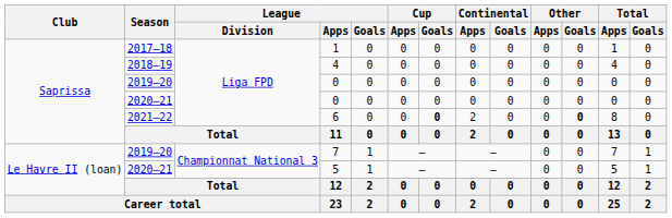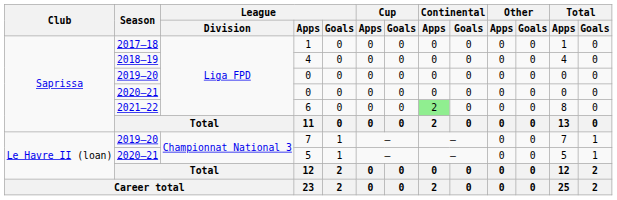 <table class="wikitable" style="text-align: center">
 <tr>
 <th rowspan="2">Club</th>
 <th rowspan="2">Season</th>
 <th colspan="3">League</th>
 <th colspan="2">Cup</th>
 <th colspan="2">Continental</th>
 <th colspan="2">Other</th>
 <th colspan="2">Total</th>
 </tr>
 <tr>
 <th>Division</th>
 <th>Apps</th>
 <th>Goals</th>
 <th>Apps</th>
 <th>Goals</th>
 <th>Apps</th>
 <th>Goals</th>
 <th>Apps</th>
 <th>Goals</th>
 <th>Apps</th>
 <th>Goals</th>
 </tr>
 <tr>
 <td rowspan="6"><a href='#'>Saprissa</a></td>
 <td><a href='#'>2017–18</a></td>
 <td rowspan="5"><a href='#'>Liga FPD</a></td>
 <td>1</td>
 <td>0</td>
 <td>0</td>
 <td>0</td>
 <td>0</td>
 <td>0</td>
 <td>0</td>
 <td>0</td>
 <td>1</td>
 <td>0</td>
 </tr>
 <tr>
 <td><a href='#'>2018–19</a></td>
 <td>4</td>
 <td>0</td>
 <td>0</td>
 <td>0</td>
 <td>0</td>
 <td>0</td>
 <td>0</td>
 <td>0</td>
 <td>4</td>
 <td>0</td>
 </tr>
 <tr>
 <td><a href='#'>2019–20</a></td>
 <td>0</td>
 <td>0</td>
 <td>0</td>
 <td>0</td>
 <td>0</td>
 <td>0</td>
 <td>0</td>
 <td>0</td>
 <td>0</td>
 <td>0</td>
 </tr>
 <tr>
 <td><a href='#'>2020–21</a></td>
 <td>0</td>
 <td>0</td>
 <td>0</td>
 <td>0</td>
 <td>0</td>
 <td>0</td>
 <td>0</td>
 <td>0</td>
 <td>0</td>
 <td>0</td>
 </tr>
 <tr>
 <td><a href='#'>2021–22</a></td>
 <td>6</td>
 <td>0</td>
 <td>0</td>
-<td><strong>0</strong></td>
-<td>2</td>
+<td>0</td>
+<td style="background: lightgreen;">2</td>
 <td>0</td>
 <td>0</td>
-<td><strong>0</strong></td>
+<td>0</td>
 <td>8</td>
 <td>0</td>
 </tr>
 <tr>
 <th colspan="2"><strong>Total</strong></th>
 <th>11</th>
 <th>0</th>
 <th>0</th>
 <th>0</th>
 <th>2</th>
 <th>0</th>
 <th>0</th>
 <th>0</th>
 <th>13</th>
 <th>0</th>
 </tr>
 <tr>
 <td rowspan="3"><a href='#'>Le Havre II</a> (loan)</td>
 <td><a href='#'>2019–20</a></td>
 <td rowspan="2"><a href='#'>Championnat National 3</a></td>
 <td>7</td>
 <td>1</td>
 <td colspan="2">–</td>
 <td colspan="2">–</td>
 <td>0</td>
 <td>0</td>
 <td>7</td>
 <td>1</td>
 </tr>
 <tr>
 <td><a href='#'>2020–21</a></td>
 <td>5</td>
 <td>1</td>
 <td colspan="2">–</td>
 <td colspan="2">–</td>
 <td>0</td>
 <td>0</td>
 <td>5</td>
 <td>1</td>
 </tr>
 <tr>
 <th colspan="2"><strong>Total</strong></th>
 <th>12</th>
 <th>2</th>
 <th>0</th>
 <th>0</th>
 <th>0</th>
 <th>0</th>
 <th>0</th>
 <th>0</th>
 <th>12</th>
 <th>2</th>
 </tr>
 <tr>
 <th colspan="3"><strong>Career total</strong></th>
 <th>23</th>
 <th>2</th>
 <th>0</th>
 <th>0</th>
 <th>2</th>
 <th>0</th>
 <th>0</th>
 <th>0</th>
 <th>25</th>
 <th>2</th>
 </tr>
 </table>
